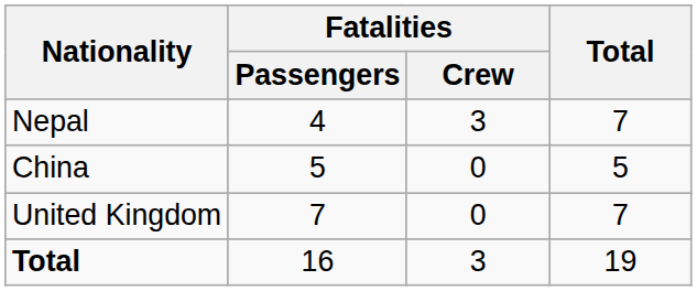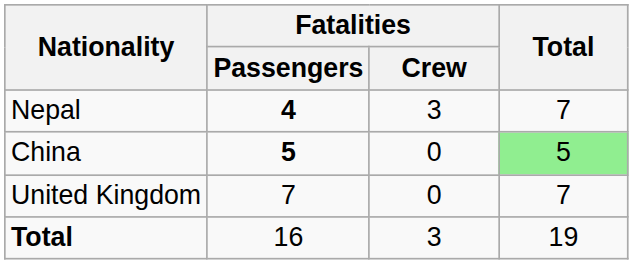 <table class="wikitable">
 <tr>
 <th rowspan=2>Nationality</th>
 <th colspan=2>Fatalities</th>
 <th rowspan="2" style="width:70px;">Total</th>
 </tr>
 <tr>
 <th style="width:70px;">Passengers</th>
 <th style="width:70px;">Crew</th>
 </tr>
 <tr>
 <td>Nepal</td>
-<td align=center>4</td>
+<td align=center><strong>4</strong></td>
 <td align=center>3</td>
 <td align=center>7</td>
 </tr>
 <tr>
 <td>China</td>
-<td align=center>5</td>
+<td align=center><strong>5</strong></td>
 <td align=center>0</td>
-<td align=center>5</td>
+<td align=center style="background: lightgreen;">5</td>
 </tr>
 <tr>
 <td>United Kingdom</td>
 <td align=center>7</td>
 <td align=center>0</td>
 <td align=center>7</td>
 </tr>
 <tr>
 <td><strong>Total</strong></td>
 <td align=center>16</td>
 <td align=center>3</td>
 <td align=center>19</td>
 </tr>
 </table>
